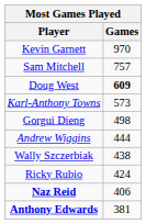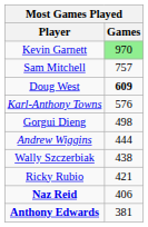 <table class="wikitable sortable" style="text-align:center">
 <tr>
 <th colspan="5">Most Games Played</th>
 </tr>
 <tr>
 <th>Player</th>
 <th>Games</th>
 </tr>
 <tr>
 <td><a href='#'>Kevin Garnett</a></td>
-<td>970</td>
+<td style="background: lightgreen;">970</td>
 </tr>
 <tr>
 <td><a href='#'>Sam Mitchell</a></td>
 <td>757</td>
 </tr>
 <tr>
 <td><a href='#'>Doug West</a></td>
 <td><strong>609</strong></td>
 </tr>
 <tr>
 <td><em><a href='#'>Karl-Anthony Towns</a></em></td>
-<td>573</td>
+<td>576</td>
 </tr>
 <tr>
 <td><a href='#'>Gorgui Dieng</a></td>
 <td>498</td>
 </tr>
 <tr>
 <td><em><a href='#'>Andrew Wiggins</a></em></td>
 <td>444</td>
 </tr>
 <tr>
 <td><a href='#'>Wally Szczerbiak</a></td>
 <td>438</td>
 </tr>
 <tr>
 <td><a href='#'>Ricky Rubio</a></td>
-<td>424</td>
+<td>421</td>
 </tr>
 <tr>
 <td><strong><a href='#'>Naz Reid</a></strong></td>
 <td>406</td>
 </tr>
 <tr>
 <td><strong><a href='#'>Anthony Edwards</a></strong></td>
 <td>381</td>
 </tr>
 </table>
